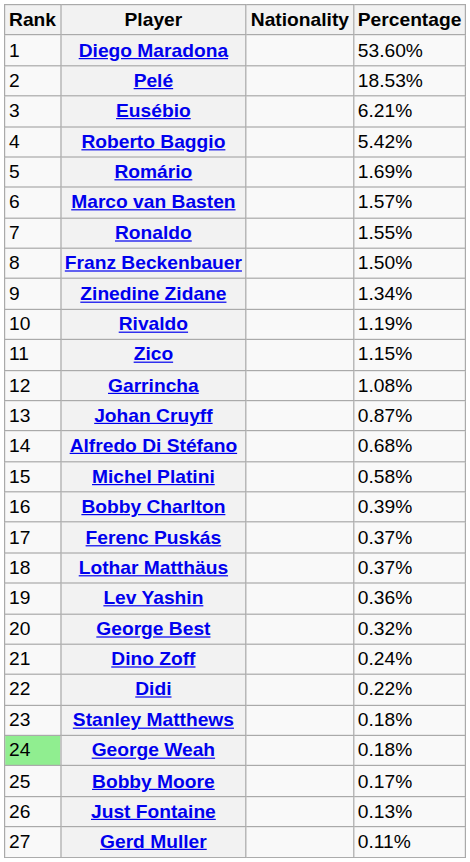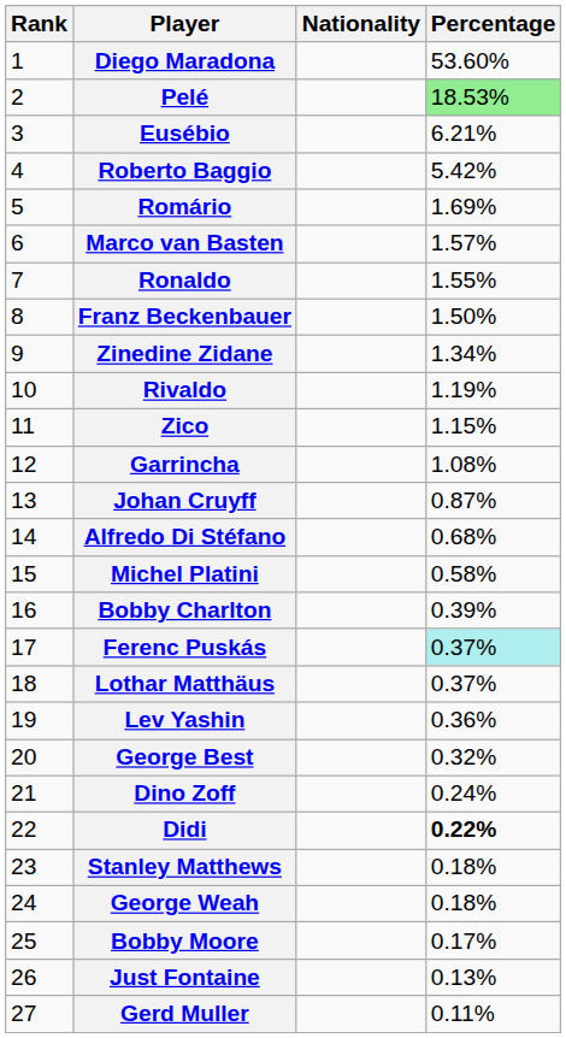 <table class="wikitable sortable">
 <tr>
 <th scope=col>Rank</th>
 <th scope=col>Player</th>
 <th scope=col>Nationality</th>
 <th scope=col>Percentage</th>
 </tr>
 <tr>
 <td>1</td>
 <th scope=row><a href='#'>Diego Maradona</a></th>
 <td></td>
 <td>53.60%</td>
 </tr>
 <tr>
 <td>2</td>
 <th scope=row><a href='#'>Pelé</a></th>
 <td></td>
-<td>18.53%</td>
+<td style="background: lightgreen;">18.53%</td>
 </tr>
 <tr>
 <td>3</td>
 <th scope=row><a href='#'>Eusébio</a></th>
 <td></td>
 <td>6.21%</td>
 </tr>
 <tr>
 <td>4</td>
 <th scope=row><a href='#'>Roberto Baggio</a></th>
 <td></td>
 <td>5.42%</td>
 </tr>
 <tr>
 <td>5</td>
 <th scope=row><a href='#'>Romário</a></th>
 <td></td>
 <td>1.69%</td>
 </tr>
 <tr>
 <td>6</td>
 <th scope=row><a href='#'>Marco van Basten</a></th>
 <td></td>
 <td>1.57%</td>
 </tr>
 <tr>
 <td>7</td>
 <th scope=row><a href='#'>Ronaldo</a></th>
 <td></td>
 <td>1.55%</td>
 </tr>
 <tr>
 <td>8</td>
 <th scope=row><a href='#'>Franz Beckenbauer</a></th>
 <td></td>
 <td>1.50%</td>
 </tr>
 <tr>
 <td>9</td>
 <th scope=row><a href='#'>Zinedine Zidane</a></th>
 <td></td>
 <td>1.34%</td>
 </tr>
 <tr>
 <td>10</td>
 <th scope=row><a href='#'>Rivaldo</a></th>
 <td></td>
 <td>1.19%</td>
 </tr>
 <tr>
 <td>11</td>
 <th scope=row><a href='#'>Zico</a></th>
 <td></td>
 <td>1.15%</td>
 </tr>
 <tr>
 <td>12</td>
 <th scope=row><a href='#'>Garrincha</a></th>
 <td></td>
 <td>1.08%</td>
 </tr>
 <tr>
 <td>13</td>
 <th scope=row><a href='#'>Johan Cruyff</a></th>
 <td></td>
 <td>0.87%</td>
 </tr>
 <tr>
 <td>14</td>
 <th scope=row><a href='#'>Alfredo Di Stéfano</a></th>
 <td><br></td>
 <td>0.68%</td>
 </tr>
 <tr>
 <td>15</td>
 <th scope=row><a href='#'>Michel Platini</a></th>
 <td></td>
 <td>0.58%</td>
 </tr>
 <tr>
 <td>16</td>
 <th scope=row><a href='#'>Bobby Charlton</a></th>
 <td></td>
 <td>0.39%</td>
 </tr>
 <tr>
 <td>17</td>
 <th scope=row><a href='#'>Ferenc Puskás</a></th>
 <td></td>
-<td>0.37%</td>
+<td style="background: paleturquoise;">0.37%</td>
 </tr>
 <tr>
 <td>18</td>
 <th scope=row><a href='#'>Lothar Matthäus</a></th>
 <td></td>
 <td>0.37%</td>
 </tr>
 <tr>
 <td>19</td>
 <th scope=row><a href='#'>Lev Yashin</a></th>
 <td></td>
 <td>0.36%</td>
 </tr>
 <tr>
 <td>20</td>
 <th scope=row><a href='#'>George Best</a></th>
 <td></td>
 <td>0.32%</td>
 </tr>
 <tr>
 <td>21</td>
 <th scope=row><a href='#'>Dino Zoff</a></th>
 <td></td>
 <td>0.24%</td>
 </tr>
 <tr>
 <td>22</td>
 <th scope=row><a href='#'>Didi</a></th>
 <td></td>
-<td>0.22%</td>
+<td><strong>0.22%</strong></td>
 </tr>
 <tr>
 <td>23</td>
 <th scope=row><a href='#'>Stanley Matthews</a></th>
 <td></td>
 <td>0.18%</td>
 </tr>
 <tr>
-<td style="background: lightgreen;">24</td>
+<td>24</td>
 <th scope=row><a href='#'>George Weah</a></th>
 <td></td>
 <td>0.18%</td>
 </tr>
 <tr>
 <td>25</td>
 <th scope=row><a href='#'>Bobby Moore</a></th>
 <td></td>
 <td>0.17%</td>
 </tr>
 <tr>
 <td>26</td>
 <th scope=row><a href='#'>Just Fontaine</a></th>
 <td></td>
 <td>0.13%</td>
 </tr>
 <tr>
 <td>27</td>
 <th scope=row><a href='#'>Gerd Muller</a></th>
 <td></td>
 <td>0.11%</td>
 </tr>
 <tr>
 </tr>
 </table>
